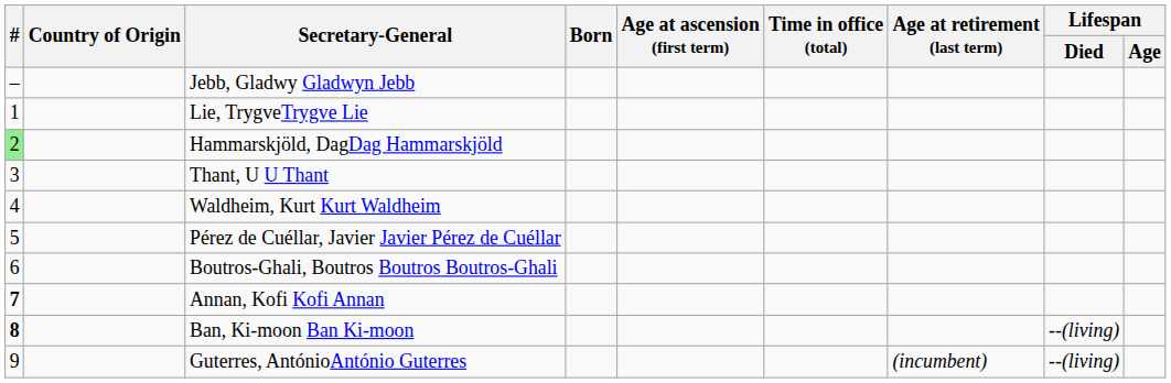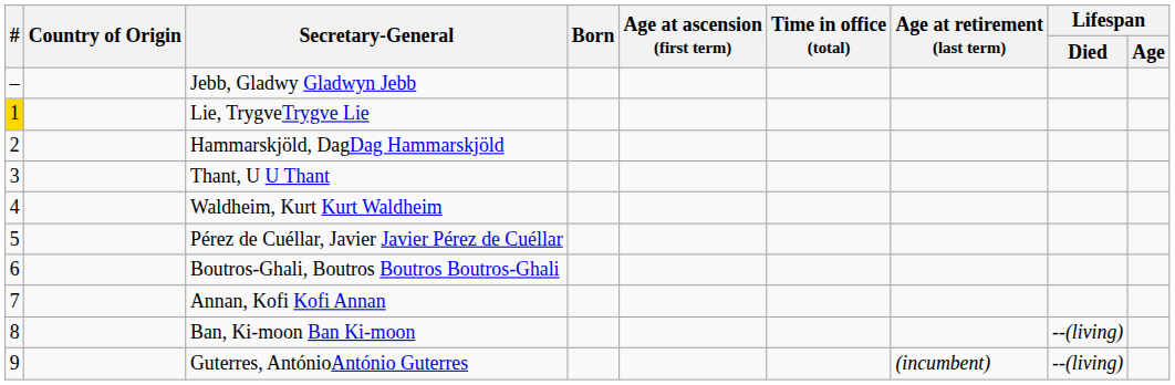 <table class="wikitable sortable">
 <tr>
 <th rowspan=2>#</th>
 <th rowspan="2">Country of Origin</th>
 <th rowspan="2">Secretary-General</th>
 <th rowspan=2>Born</th>
 <th rowspan=2>Age at ascension<br><small>(first term)</small></th>
 <th rowspan=2>Time in office<br><small>(total)</small></th>
 <th rowspan=2>Age at retirement<br><small>(last term)</small></th>
 <th colspan=2>Lifespan</th>
 </tr>
 <tr>
 <th>Died</th>
 <th>Age</th>
 </tr>
 <tr>
 <td align="center">–</td>
 <td></td>
 <td><span>Jebb, Gladwy</span> <a href='#'>Gladwyn Jebb</a></td>
 <td></td>
 <td><br></td>
 <td></td>
 <td><br></td>
 <td></td>
 <td></td>
 </tr>
 <tr>
-<td align="center">1</td>
+<td align="center" style="background: gold;">1</td>
 <td></td>
 <td><span>Lie, Trygve</span><a href='#'>Trygve Lie</a></td>
 <td></td>
 <td><br></td>
 <td></td>
 <td><br></td>
 <td></td>
 <td></td>
 </tr>
 <tr>
-<td align="center" style="background: lightgreen;">2</td>
+<td align="center">2</td>
 <td></td>
 <td><span>Hammarskjöld, Dag</span><a href='#'>Dag Hammarskjöld</a></td>
 <td></td>
 <td><br></td>
 <td></td>
 <td><br></td>
 <td></td>
 <td></td>
 </tr>
 <tr>
 <td align="center">3</td>
 <td></td>
 <td><span>Thant, U</span> <a href='#'>U Thant</a></td>
 <td></td>
 <td><br></td>
 <td></td>
 <td><br></td>
 <td></td>
 <td></td>
 </tr>
 <tr>
 <td align="center">4</td>
 <td></td>
 <td><span>Waldheim, Kurt</span> <a href='#'>Kurt Waldheim</a></td>
 <td></td>
 <td><br></td>
 <td></td>
 <td><br></td>
 <td></td>
 <td></td>
 </tr>
 <tr>
 <td align="center">5</td>
 <td></td>
 <td><span>Pérez de Cuéllar, Javier</span> <a href='#'>Javier Pérez de Cuéllar</a></td>
 <td></td>
 <td><br></td>
 <td></td>
 <td><br></td>
 <td></td>
 <td></td>
 </tr>
 <tr>
 <td align="center">6</td>
 <td></td>
 <td><span>Boutros-Ghali, Boutros</span> <a href='#'>Boutros Boutros-Ghali</a></td>
 <td></td>
 <td><br></td>
 <td></td>
 <td><br></td>
 <td></td>
 <td></td>
 </tr>
 <tr>
-<td align="center"><strong>7</strong></td>
+<td align="center">7</td>
 <td></td>
 <td><span>Annan, Kofi</span> <a href='#'>Kofi Annan</a></td>
 <td></td>
 <td><br></td>
 <td></td>
 <td><br></td>
 <td></td>
 <td></td>
 </tr>
 <tr>
-<td align="center"><strong>8</strong></td>
+<td align="center">8</td>
 <td></td>
 <td><span>Ban, Ki-moon</span> <a href='#'>Ban Ki-moon</a></td>
 <td></td>
 <td><br></td>
 <td></td>
 <td><br></td>
 <td><span>--</span><em>(living)</em></td>
 <td><em></em></td>
 </tr>
 <tr>
 <td align="center">9</td>
 <td><br></td>
 <td><span>Guterres, António</span><a href='#'>António Guterres</a></td>
 <td></td>
 <td><br></td>
 <td></td>
 <td><em>(incumbent)</em></td>
 <td><span>--</span><em>(living)</em></td>
 <td><em></em></td>
 </tr>
 </table>
